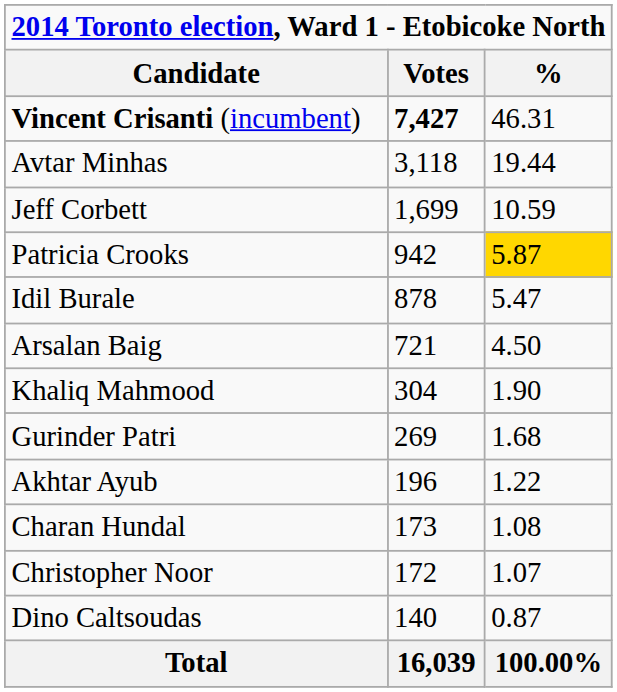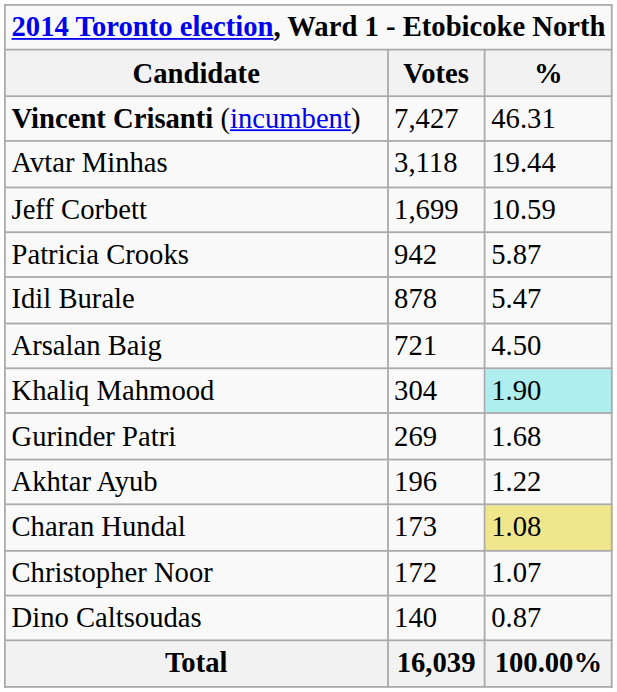 <table class="wikitable">
 <tr>
 <td Colspan="3" align="center"><strong><a href='#'>2014 Toronto election</a>, Ward 1 - Etobicoke North</strong></td>
 </tr>
 <tr>
 <th bgcolor="#DDDDFF">Candidate</th>
 <th bgcolor="#DDDDFF">Votes</th>
 <th bgcolor="#DDDDFF">%</th>
 </tr>
 <tr>
 <td><strong>Vincent Crisanti</strong> (<a href='#'>incumbent</a>)</td>
-<td><strong>7,427</strong></td>
+<td>7,427</td>
 <td>46.31</td>
 </tr>
 <tr>
 <td>Avtar Minhas</td>
 <td>3,118</td>
 <td>19.44</td>
 </tr>
 <tr>
 <td>Jeff Corbett</td>
 <td>1,699</td>
 <td>10.59</td>
 </tr>
 <tr>
 <td>Patricia Crooks</td>
 <td>942</td>
-<td style="background: gold;">5.87</td>
+<td>5.87</td>
 </tr>
 <tr>
 <td>Idil Burale</td>
 <td>878</td>
 <td>5.47</td>
 </tr>
 <tr>
 <td>Arsalan Baig</td>
 <td>721</td>
 <td>4.50</td>
 </tr>
 <tr>
 <td>Khaliq Mahmood</td>
 <td>304</td>
-<td>1.90</td>
+<td style="background: paleturquoise;">1.90</td>
 </tr>
 <tr>
 <td>Gurinder Patri</td>
 <td>269</td>
 <td>1.68</td>
 </tr>
 <tr>
 <td>Akhtar Ayub</td>
 <td>196</td>
 <td>1.22</td>
 </tr>
 <tr>
 <td>Charan Hundal</td>
 <td>173</td>
-<td>1.08</td>
+<td style="background: khaki;">1.08</td>
 </tr>
 <tr>
 <td>Christopher Noor</td>
 <td>172</td>
 <td>1.07</td>
 </tr>
 <tr>
 <td>Dino Caltsoudas</td>
 <td>140</td>
 <td>0.87</td>
 </tr>
 <tr>
 <th>Total</th>
 <th>16,039</th>
 <th>100.00%</th>
 </tr>
 </table>
